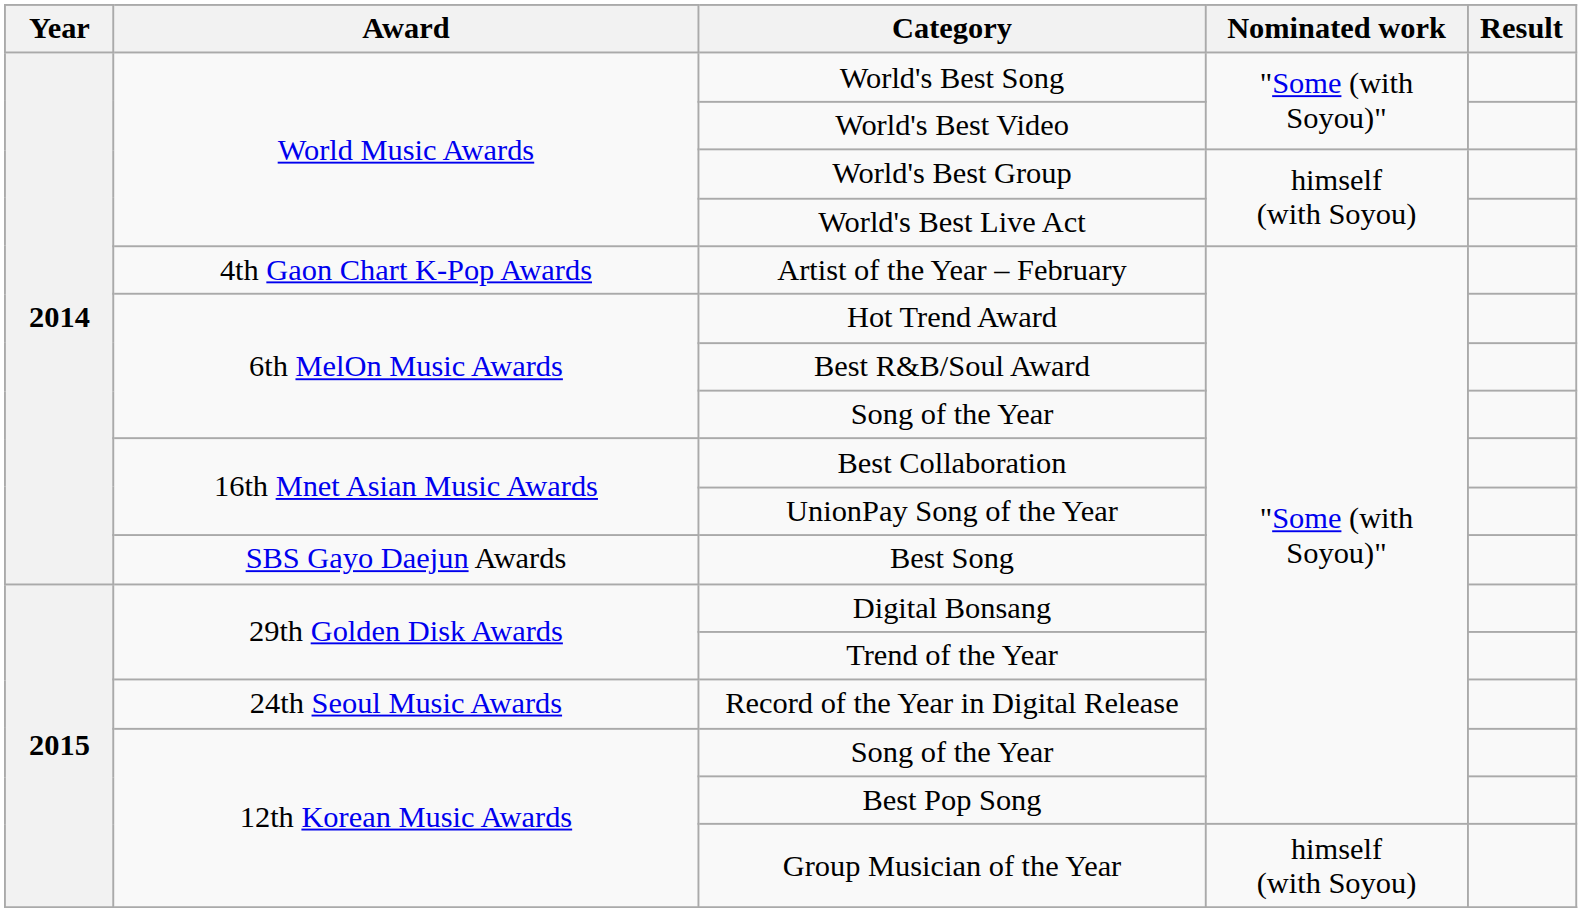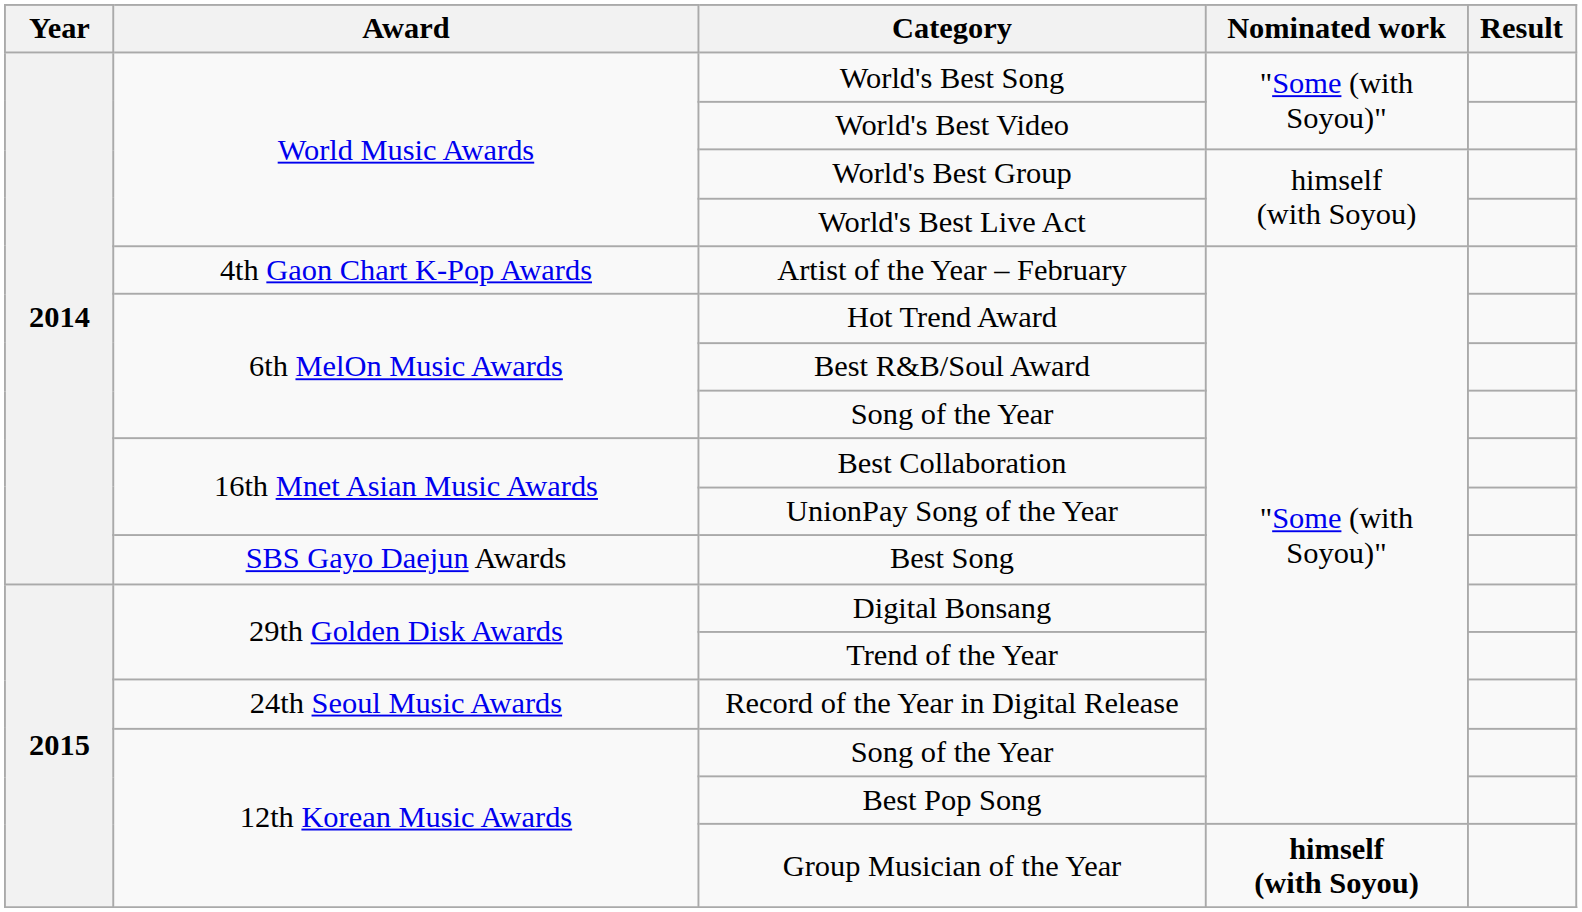 <table class="wikitable" style="text-align:center;">
 <tr>
 <th style="width:50px;">Year</th>
 <th style="width:300px;">Award</th>
 <th style="width:260px;">Category</th>
 <th style="width:130px;">Nominated work</th>
 <th style="width:50px;">Result</th>
 </tr>
 <tr>
 <th rowspan="11">2014</th>
 <td rowspan="4"><a href='#'>World Music Awards</a></td>
 <td>World's Best Song</td>
 <td rowspan="2">"<a href='#'>Some</a> (with Soyou)"</td>
 <td></td>
 </tr>
 <tr>
 <td>World's Best Video</td>
 <td></td>
 </tr>
 <tr>
 <td>World's Best Group</td>
 <td rowspan="2">himself <br> (with Soyou)</td>
 <td></td>
 </tr>
 <tr>
 <td>World's Best Live Act</td>
 <td></td>
 </tr>
 <tr>
 <td>4th <a href='#'>Gaon Chart K-Pop Awards</a></td>
 <td>Artist of the Year – February</td>
 <td rowspan="12">"<a href='#'>Some</a> (with Soyou)"</td>
 <td></td>
 </tr>
 <tr>
 <td rowspan="3">6th <a href='#'>MelOn Music Awards</a></td>
 <td>Hot Trend Award</td>
 <td></td>
 </tr>
 <tr>
 <td>Best R&B/Soul Award</td>
 <td></td>
 </tr>
 <tr>
 <td>Song of the Year</td>
 <td></td>
 </tr>
 <tr>
 <td rowspan="2">16th <a href='#'>Mnet Asian Music Awards</a></td>
 <td>Best Collaboration</td>
 <td></td>
 </tr>
 <tr>
 <td>UnionPay Song of the Year</td>
 <td></td>
 </tr>
 <tr>
 <td><a href='#'>SBS Gayo Daejun</a> Awards</td>
 <td>Best Song</td>
 <td></td>
 </tr>
 <tr>
 <th rowspan="6">2015</th>
 <td rowspan="2">29th <a href='#'>Golden Disk Awards</a></td>
 <td>Digital Bonsang</td>
 <td></td>
 </tr>
 <tr>
 <td>Trend of the Year</td>
 <td></td>
 </tr>
 <tr>
 <td>24th <a href='#'>Seoul Music Awards</a></td>
 <td>Record of the Year in Digital Release</td>
 <td></td>
 </tr>
 <tr>
 <td rowspan="3">12th <a href='#'>Korean Music Awards</a></td>
 <td>Song of the Year</td>
 <td></td>
 </tr>
 <tr>
 <td>Best Pop Song</td>
 <td></td>
 </tr>
 <tr>
 <td>Group Musician of the Year</td>
-<td>himself <br> (with Soyou)</td>
+<td><strong>himself <br> (with Soyou)</strong></td>
 <td></td>
 </tr>
 <tr>
 </tr>
 </table>
